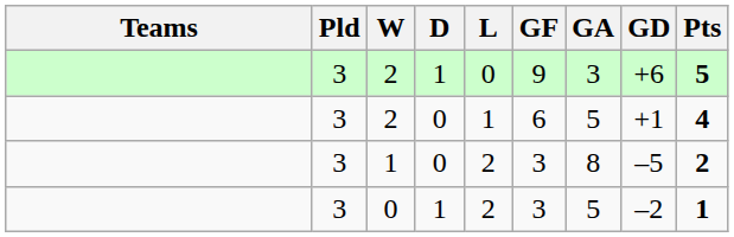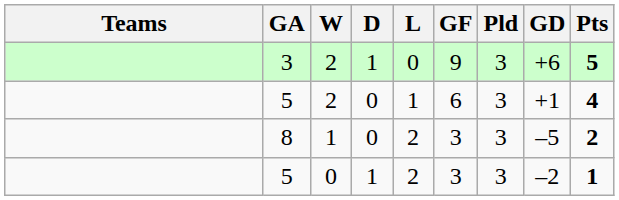 <table class="wikitable" style="text-align: center;">
 <tr>
 <th width=165>Teams</th>
-<th width=20>Pld</th>
+<th width=20>GA</th>
 <th width=20>W</th>
 <th width=20>D</th>
 <th width=20>L</th>
 <th width=20>GF</th>
-<th width=20>GA</th>
+<th width=20>Pld</th>
 <th width=20>GD</th>
 <th width=20>Pts</th>
 </tr>
 <tr align=center style="background:#ccffcc;">
 <td style="text-align:left;"></td>
 <td>3</td>
 <td>2</td>
 <td>1</td>
 <td>0</td>
 <td>9</td>
 <td>3</td>
 <td>+6</td>
 <td><strong>5</strong></td>
 </tr>
 <tr align=center>
 <td style="text-align:left;"></td>
-<td>3</td>
+<td>5</td>
 <td>2</td>
 <td>0</td>
 <td>1</td>
 <td>6</td>
-<td>5</td>
+<td>3</td>
 <td>+1</td>
 <td><strong>4</strong></td>
 </tr>
 <tr align=center>
 <td style="text-align:left;"></td>
-<td>3</td>
+<td>8</td>
 <td>1</td>
 <td>0</td>
 <td>2</td>
 <td>3</td>
-<td>8</td>
+<td>3</td>
 <td>–5</td>
 <td><strong>2</strong></td>
 </tr>
 <tr align=center>
 <td style="text-align:left;"></td>
-<td>3</td>
+<td>5</td>
 <td>0</td>
 <td>1</td>
 <td>2</td>
 <td>3</td>
-<td>5</td>
+<td>3</td>
 <td>–2</td>
 <td><strong>1</strong></td>
 </tr>
 </table>
